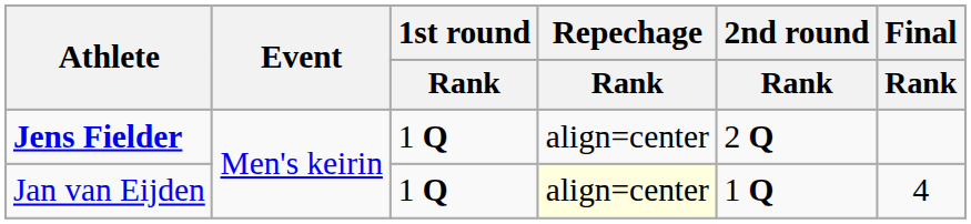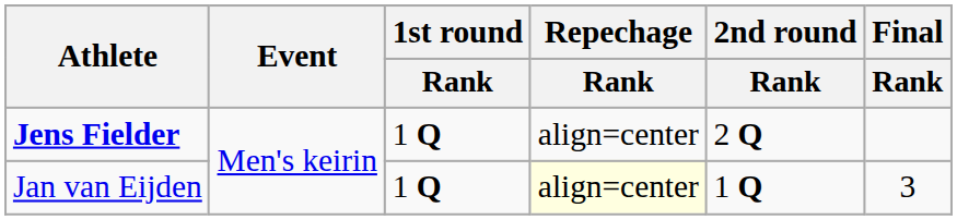 <table class=wikitable style="font-size:90%">
 <tr>
 <th rowspan="2">Athlete</th>
 <th rowspan="2">Event</th>
 <th>1st round</th>
 <th>Repechage</th>
 <th>2nd round</th>
 <th>Final</th>
 </tr>
 <tr style="font-size:95%">
 <th>Rank</th>
 <th>Rank</th>
 <th>Rank</th>
 <th>Rank</th>
 </tr>
 <tr>
 <td align=left><strong><a href='#'>Jens Fielder</a></strong></td>
 <td align=left rowspan=2><a href='#'>Men's keirin</a></td>
 <td>1 <strong>Q</strong></td>
 <td>align=center </td>
 <td>2 <strong>Q</strong></td>
 <td align=center></td>
 </tr>
 <tr>
 <td align=left><a href='#'>Jan van Eijden</a></td>
 <td>1 <strong>Q</strong></td>
 <td style="background: lightyellow;">align=center </td>
 <td>1 <strong>Q</strong></td>
-<td align=center>4</td>
+<td align=center>3</td>
 </tr>
 </table>
